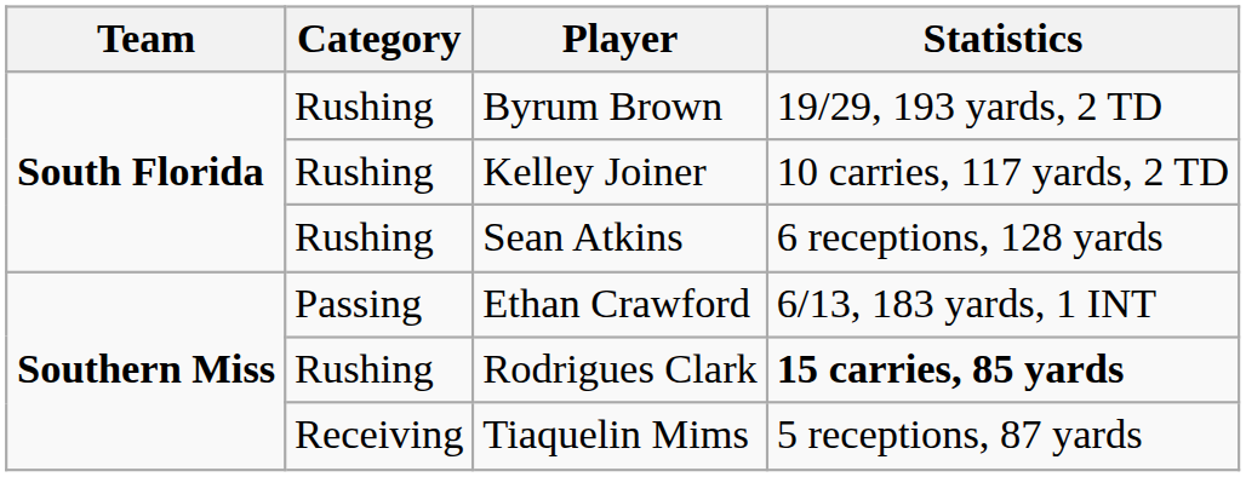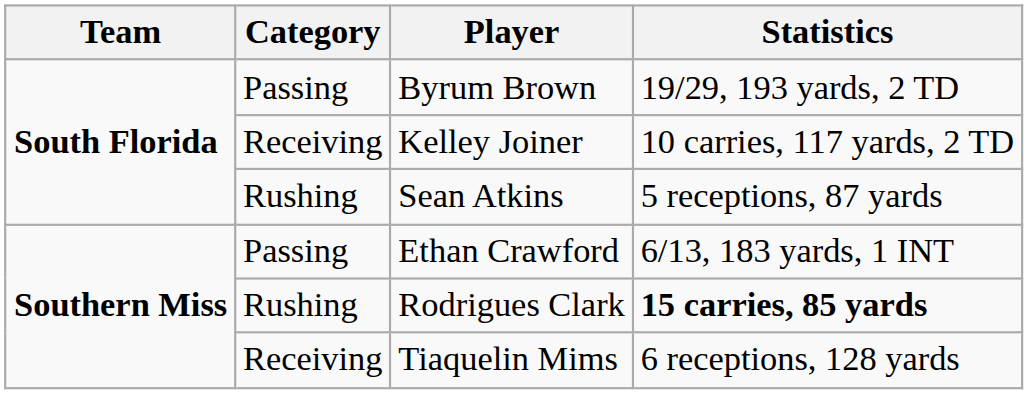 <table class="wikitable" style="float: right;">
 <tr>
 <th>Team</th>
 <th>Category</th>
 <th>Player</th>
 <th>Statistics</th>
 </tr>
 <tr>
 <td rowspan=3><strong>South Florida</strong></td>
-<td>Rushing</td>
+<td>Passing</td>
 <td>Byrum Brown</td>
 <td>19/29, 193 yards, 2 TD</td>
 </tr>
 <tr>
-<td>Rushing</td>
+<td>Receiving</td>
 <td>Kelley Joiner</td>
 <td>10 carries, 117 yards, 2 TD</td>
 </tr>
 <tr>
 <td>Rushing</td>
 <td>Sean Atkins</td>
-<td>6 receptions, 128 yards</td>
+<td>5 receptions, 87 yards</td>
 </tr>
 <tr>
 <td rowspan=3><strong>Southern Miss</strong></td>
 <td>Passing</td>
 <td>Ethan Crawford</td>
 <td>6/13, 183 yards, 1 INT</td>
 </tr>
 <tr>
 <td>Rushing</td>
 <td>Rodrigues Clark</td>
 <td><strong>15 carries, 85 yards</strong></td>
 </tr>
 <tr>
 <td>Receiving</td>
 <td>Tiaquelin Mims</td>
-<td>5 receptions, 87 yards</td>
+<td>6 receptions, 128 yards</td>
 </tr>
 </table>
